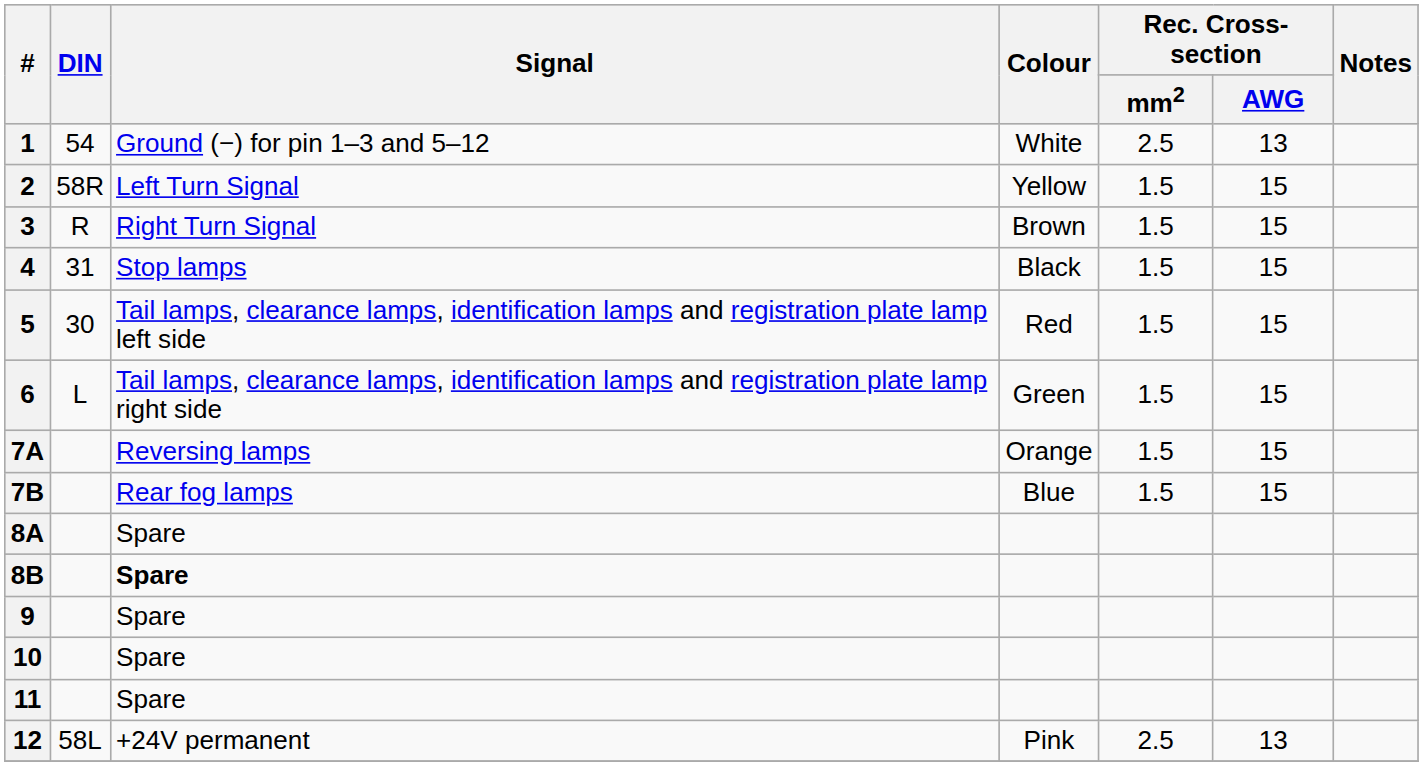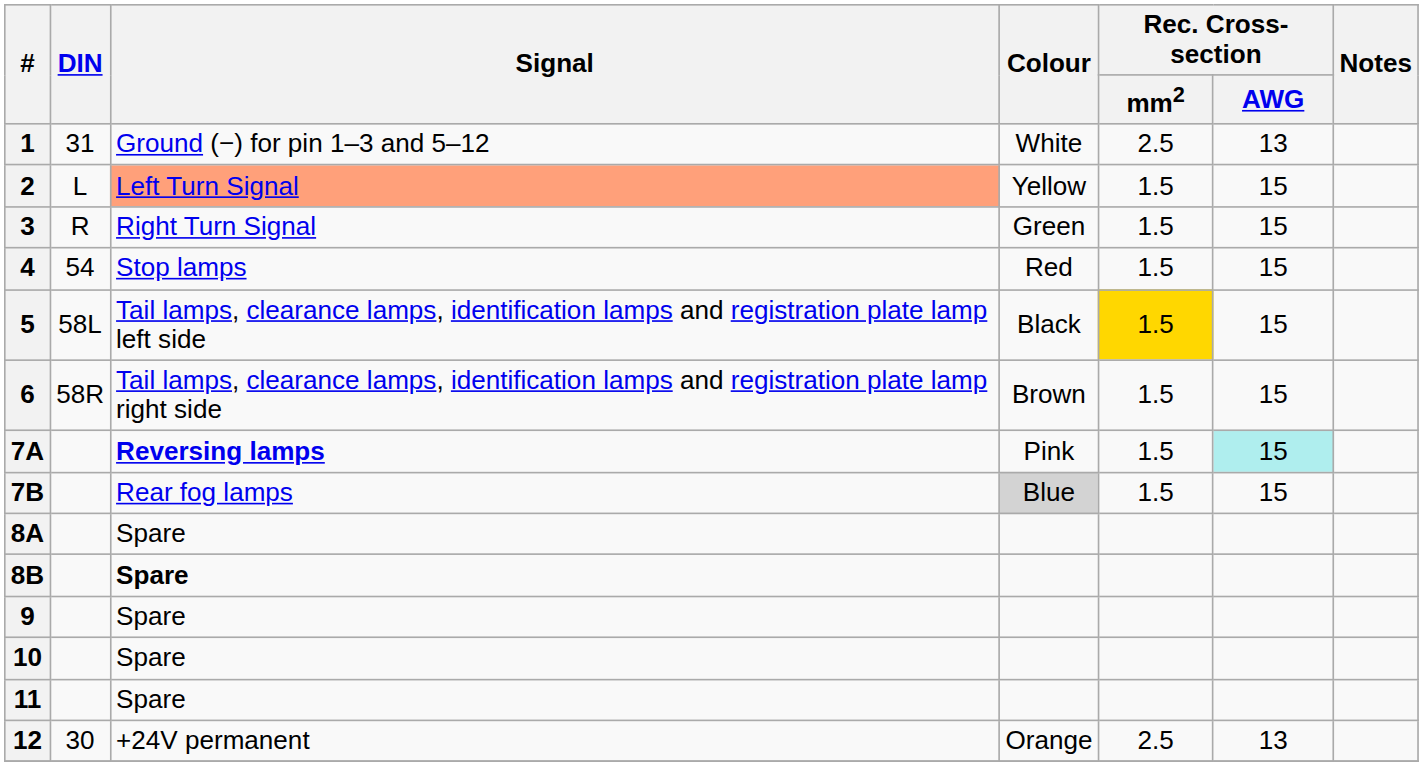 <table class="wikitable sortable" style="text-align: center">
 <tr>
 <th rowspan="2">#</th>
 <th rowspan="2"><a href='#'>DIN</a></th>
 <th rowspan="2">Signal</th>
 <th rowspan="2">Colour</th>
 <th colspan="2">Rec. Cross-section</th>
 <th rowspan="2">Notes</th>
 </tr>
 <tr>
 <th>mm<sup>2</sup></th>
 <th><a href='#'>AWG</a></th>
 </tr>
 <tr>
 <th>1</th>
-<td>54</td>
+<td>31</td>
 <td align=left><a href='#'>Ground</a> (−) for pin 1–3 and 5–12</td>
 <td>White</td>
 <td>2.5</td>
 <td>13</td>
 <td></td>
 </tr>
 <tr>
 <th>2</th>
-<td>58R</td>
-<td align=left><a href='#'>Left Turn Signal</a></td>
+<td>L</td>
+<td align=left style="background: lightsalmon;"><a href='#'>Left Turn Signal</a></td>
 <td>Yellow</td>
 <td>1.5</td>
 <td>15</td>
 <td></td>
 </tr>
 <tr>
 <th>3</th>
 <td>R</td>
 <td align=left><a href='#'>Right Turn Signal</a></td>
-<td>Brown</td>
+<td>Green</td>
 <td>1.5</td>
 <td>15</td>
 <td></td>
 </tr>
 <tr>
 <th>4</th>
-<td>31</td>
+<td>54</td>
 <td align=left><a href='#'>Stop lamps</a></td>
-<td>Black</td>
+<td>Red</td>
 <td>1.5</td>
 <td>15</td>
 <td></td>
 </tr>
 <tr>
 <th>5</th>
-<td>30</td>
+<td>58L</td>
 <td align=left><a href='#'>Tail lamps</a>, <a href='#'>clearance lamps</a>, <a href='#'>identification lamps</a> and <a href='#'>registration plate lamp</a> left side</td>
-<td>Red</td>
-<td>1.5</td>
+<td>Black</td>
+<td style="background: gold;">1.5</td>
 <td>15</td>
 <td></td>
 </tr>
 <tr>
 <th>6</th>
-<td>L</td>
+<td>58R</td>
 <td align=left><a href='#'>Tail lamps</a>, <a href='#'>clearance lamps</a>, <a href='#'>identification lamps</a> and <a href='#'>registration plate lamp</a> right side</td>
-<td>Green</td>
+<td>Brown</td>
 <td>1.5</td>
 <td>15</td>
 <td></td>
 </tr>
 <tr>
 <th>7A</th>
 <td></td>
-<td align=left><a href='#'>Reversing lamps</a></td>
-<td>Orange</td>
+<td align=left><strong><a href='#'>Reversing lamps</a></strong></td>
+<td>Pink</td>
 <td>1.5</td>
-<td>15</td>
+<td style="background: paleturquoise;">15</td>
 <td></td>
 </tr>
 <tr>
 <th>7B</th>
 <td></td>
 <td align=left><a href='#'>Rear fog lamps</a></td>
-<td>Blue</td>
+<td style="background: lightgrey;">Blue</td>
 <td>1.5</td>
 <td>15</td>
 <td></td>
 </tr>
 <tr>
 <th>8A</th>
 <td></td>
 <td align=left>Spare</td>
 <td></td>
 <td></td>
 <td></td>
 <td></td>
 </tr>
 <tr>
 <th>8B</th>
 <td></td>
 <td align=left><strong>Spare</strong></td>
 <td></td>
 <td></td>
 <td></td>
 <td></td>
 </tr>
 <tr>
 <th>9</th>
 <td></td>
 <td align=left>Spare</td>
 <td></td>
 <td></td>
 <td></td>
 <td></td>
 </tr>
 <tr>
 <th>10</th>
 <td></td>
 <td align=left>Spare</td>
 <td></td>
 <td></td>
 <td></td>
 <td></td>
 </tr>
 <tr>
 <th>11</th>
 <td></td>
 <td align=left>Spare</td>
 <td></td>
 <td></td>
 <td></td>
 <td></td>
 </tr>
 <tr>
 <th>12</th>
-<td>58L</td>
+<td>30</td>
 <td align=left>+24V permanent</td>
-<td>Pink</td>
+<td>Orange</td>
 <td>2.5</td>
 <td>13</td>
 <td></td>
 </tr>
 <tr>
 </tr>
 </table>
